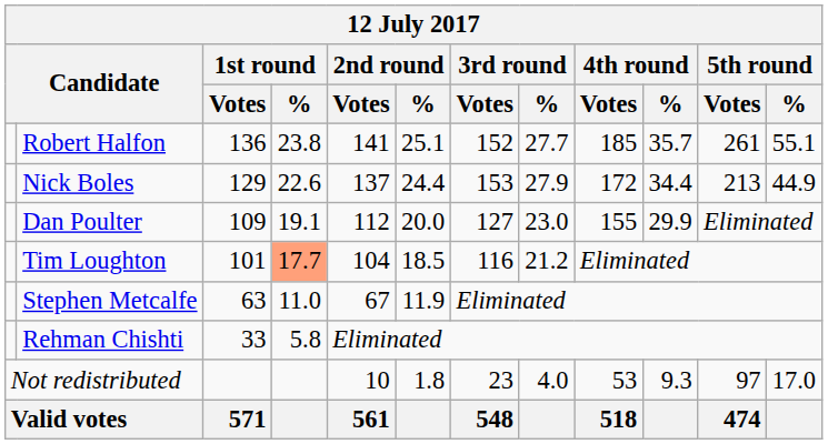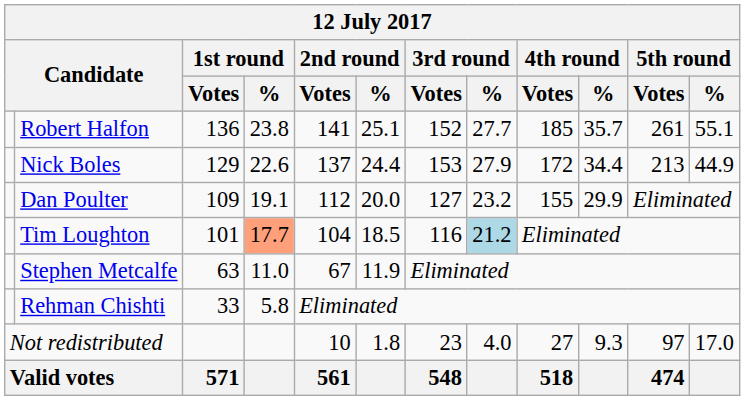 <table class="wikitable" style="min-width:250px">
 <tr>
 <th colspan="12">12 July 2017</th>
 </tr>
 <tr>
 <th colspan="2" rowspan="2">Candidate</th>
 <th colspan="2">1st round</th>
 <th colspan="2">2nd round</th>
 <th colspan="2">3rd round</th>
 <th colspan="2">4th round</th>
 <th colspan="2">5th round</th>
 </tr>
 <tr>
 <th>Votes</th>
 <th>%</th>
 <th>Votes</th>
 <th>%</th>
 <th>Votes</th>
 <th>%</th>
 <th>Votes</th>
 <th>%</th>
 <th>Votes</th>
 <th>%</th>
 </tr>
 <tr>
 <td style="color:inherit;background-color: "></td>
 <td><a href='#'>Robert Halfon</a></td>
 <td align="right">136</td>
 <td align="right">23.8</td>
 <td align="right">141</td>
 <td align="right">25.1</td>
 <td align="right">152</td>
 <td align="right">27.7</td>
 <td align="right">185</td>
 <td align="right">35.7</td>
 <td align="right">261</td>
 <td align="right">55.1</td>
 </tr>
 <tr>
 <td style="color:inherit;background-color: "></td>
 <td><a href='#'>Nick Boles</a></td>
 <td align="right">129</td>
 <td align="right">22.6</td>
 <td align="right">137</td>
 <td align="right">24.4</td>
 <td align="right">153</td>
 <td align="right">27.9</td>
 <td align="right">172</td>
 <td align="right">34.4</td>
 <td align="right">213</td>
 <td align="right">44.9</td>
 </tr>
 <tr>
 <td style="color:inherit;background-color: "></td>
 <td><a href='#'>Dan Poulter</a></td>
 <td align="right">109</td>
 <td align="right">19.1</td>
 <td align="right">112</td>
 <td align="right">20.0</td>
 <td align="right">127</td>
-<td align="right">23.0</td>
+<td align="right">23.2</td>
 <td align="right">155</td>
 <td align="right">29.9</td>
 <td colspan="2"><em>Eliminated</em></td>
 </tr>
 <tr>
 <td style="color:inherit;background-color: "></td>
 <td><a href='#'>Tim Loughton</a></td>
 <td align="right">101</td>
 <td align="right" style="background: lightsalmon;">17.7</td>
 <td align="right">104</td>
 <td align="right">18.5</td>
 <td align="right">116</td>
-<td align="right">21.2</td>
+<td align="right" style="background: lightblue;">21.2</td>
 <td colspan="4"><em>Eliminated</em></td>
 </tr>
 <tr>
 <td style="color:inherit;background-color: "></td>
 <td><a href='#'>Stephen Metcalfe</a></td>
 <td align="right">63</td>
 <td align="right">11.0</td>
 <td align="right">67</td>
 <td align="right">11.9</td>
 <td colspan="6"><em>Eliminated</em></td>
 </tr>
 <tr>
 <td style="color:inherit;background-color: "></td>
 <td><a href='#'>Rehman Chishti</a></td>
 <td align="right">33</td>
 <td align="right">5.8</td>
 <td colspan="8"><em>Eliminated</em></td>
 </tr>
 <tr>
 <td colspan="2"><em>Not redistributed</em></td>
 <td align="right"></td>
 <td align="right"></td>
 <td align="right">10</td>
 <td align="right">1.8</td>
 <td align="right">23</td>
 <td align="right">4.0</td>
-<td align="right">53</td>
+<td align="right">27</td>
 <td align="right">9.3</td>
 <td align="right">97</td>
 <td align="right">17.0</td>
 </tr>
 <tr>
 <th style="text-align:left;" colspan="2">Valid votes</th>
 <th style="text-align:right;">571</th>
 <th style="text-align:right;"></th>
 <th style="text-align:right;">561</th>
 <th style="text-align:right;"></th>
 <th style="text-align:right;">548</th>
 <th style="text-align:right;"></th>
 <th style="text-align:right;">518</th>
 <th style="text-align:right;"></th>
 <th style="text-align:right;">474</th>
 <th style="text-align:right;"></th>
 </tr>
 </table>
